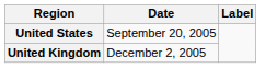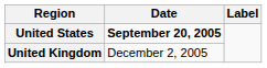 <table class="wikitable plainrowheaders">
 <tr>
 <th scope="col">Region</th>
 <th scope="col">Date</th>
 <th scope="col">Label</th>
 </tr>
 <tr>
 <th scope="row">United States</th>
-<td>September 20, 2005</td>
+<td><strong>September 20, 2005</strong></td>
 <td rowspan="2"></td>
 </tr>
 <tr>
 <th scope="row">United Kingdom</th>
 <td>December 2, 2005</td>
 </tr>
 </table>
